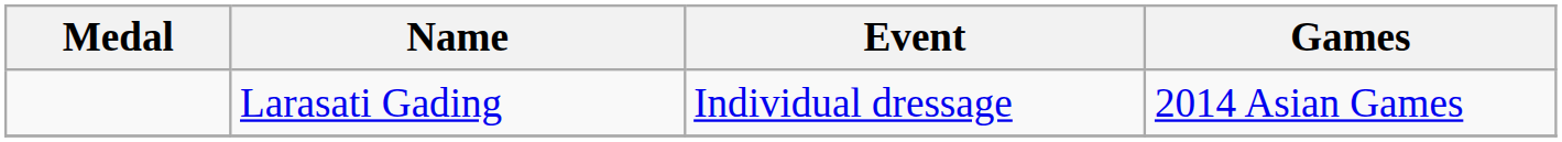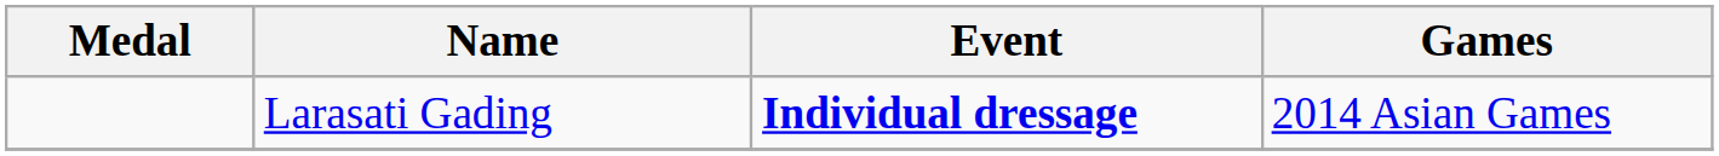 <table class="wikitable sortable" style="font-size:100%">
 <tr>
 <th width="90">Medal</th>
 <th width="200">Name</th>
 <th width="200">Event</th>
 <th width="180">Games</th>
 </tr>
 <tr>
 <td></td>
 <td><a href='#'>Larasati Gading</a></td>
-<td><a href='#'>Individual dressage</a></td>
+<td><strong><a href='#'>Individual dressage</a></strong></td>
 <td><a href='#'>2014 Asian Games</a></td>
 </tr>
 <tr>
 </tr>
 </table>
